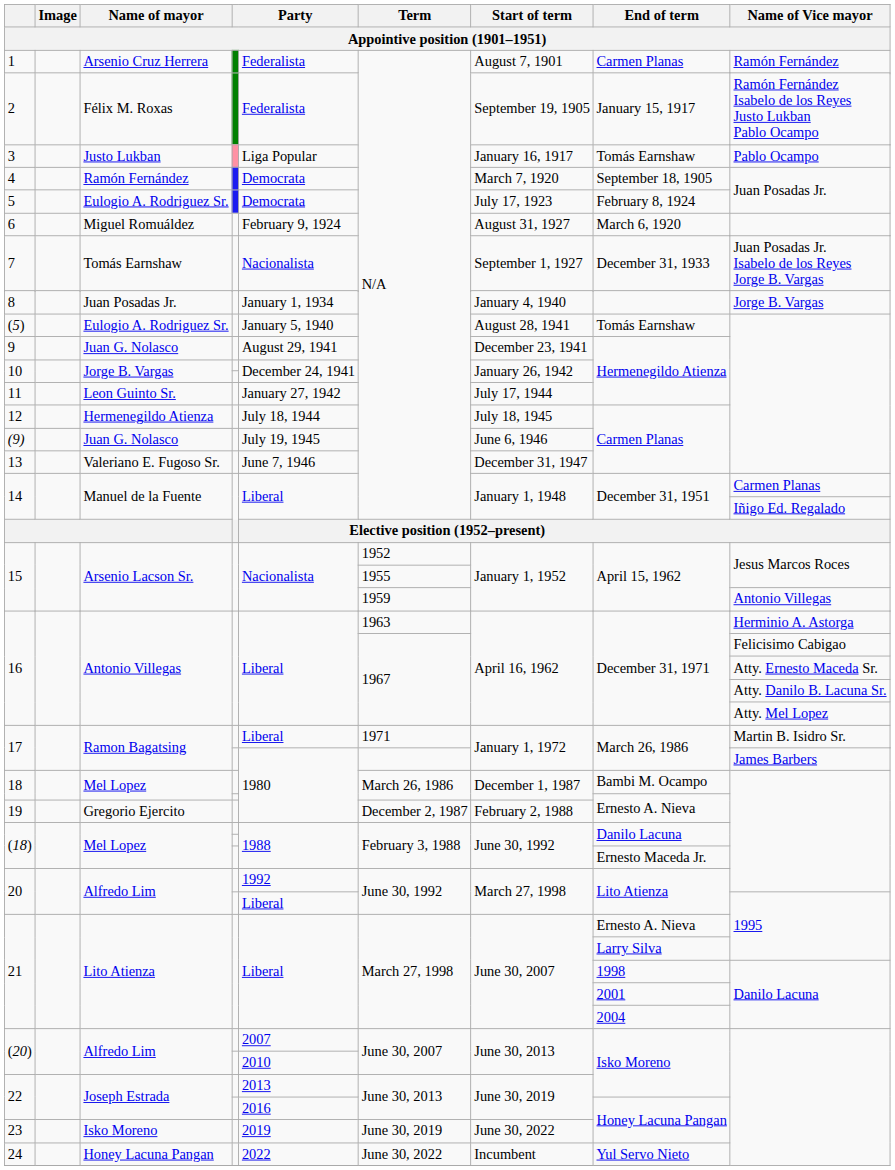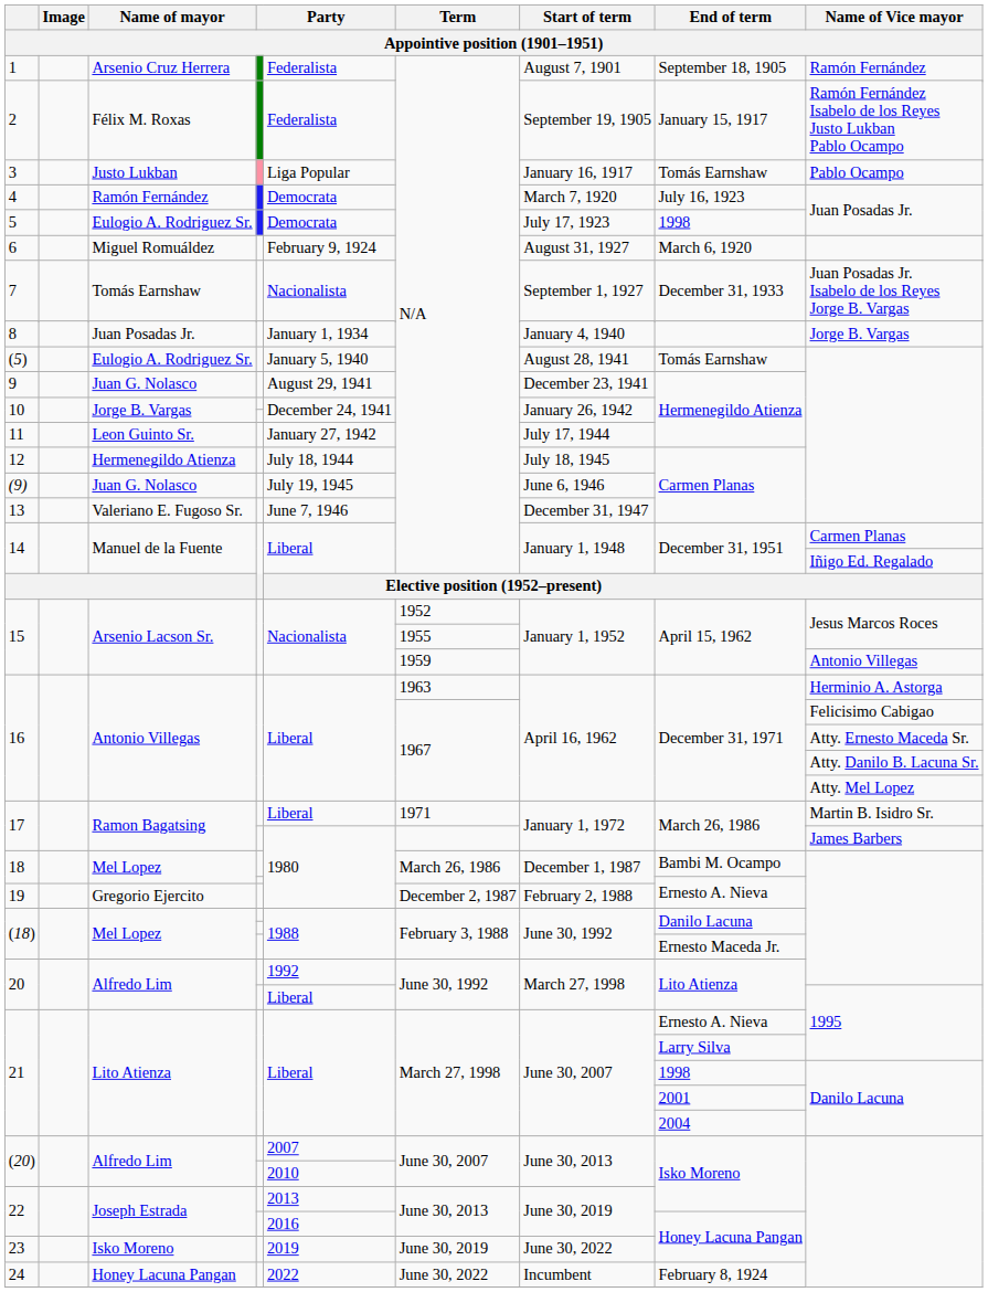 <table class="wikitable">
 <tr>
 <th></th>
 <th>Image</th>
 <th>Name of mayor</th>
 <th colspan="2">Party</th>
 <th>Term</th>
 <th>Start of term</th>
 <th>End of term</th>
 <th>Name of Vice mayor</th>
 </tr>
 <tr>
 <th colspan="9">Appointive position (1901–1951)</th>
 </tr>
 <tr>
 <td>1</td>
 <td></td>
 <td><a href='#'>Arsenio Cruz Herrera</a></td>
 <td style="background-color:Green;"></td>
 <td><a href='#'>Federalista</a></td>
 <td rowspan="22">N/A</td>
 <td>August 7, 1901</td>
-<td><a href='#'>Carmen Planas</a></td>
+<td>September 18, 1905</td>
 <td rowspan="2"><a href='#'>Ramón Fernández</a></td>
 </tr>
 <tr>
 <td rowspan="3">2</td>
 <td rowspan="3"></td>
 <td rowspan="3">Félix M. Roxas</td>
 <td rowspan="3"  style="background-color:Green;"></td>
 <td rowspan="3"><a href='#'>Federalista</a></td>
 <td rowspan="3">September 19, 1905</td>
 <td rowspan="3">January 15, 1917</td>
 </tr>
 <tr>
 <td><a href='#'>Ramón Fernández</a> <br> <a href='#'>Isabelo de los Reyes</a> <br> <a href='#'>Justo Lukban</a> <br> <a href='#'>Pablo Ocampo</a></td>
 </tr>
 <tr>
 <td rowspan="2"><a href='#'>Pablo Ocampo</a></td>
 </tr>
 <tr>
 <td>3</td>
 <td></td>
 <td><a href='#'>Justo Lukban</a></td>
 <td style="background-color:#FF91A4;"></td>
 <td>Liga Popular</td>
 <td>January 16, 1917</td>
 <td>Tomás Earnshaw</td>
 </tr>
 <tr>
 <td>4</td>
 <td></td>
 <td><a href='#'>Ramón Fernández</a></td>
 <td style="background-color:#1C1CF0;"></td>
 <td><a href='#'>Democrata</a></td>
 <td>March 7, 1920</td>
-<td>September 18, 1905</td>
+<td>July 16, 1923</td>
 <td rowspan="2">Juan Posadas Jr.</td>
 </tr>
 <tr>
 <td>5</td>
 <td></td>
 <td><a href='#'>Eulogio A. Rodriguez Sr.</a></td>
 <td style="background-color:#1C1CF0;"></td>
 <td><a href='#'>Democrata</a></td>
 <td>July 17, 1923</td>
-<td>February 8, 1924</td>
+<td><a href='#'>1998</a></td>
 </tr>
 <tr>
 <td>6</td>
 <td></td>
 <td>Miguel Romuáldez</td>
 <td></td>
 <td>February 9, 1924</td>
 <td>August 31, 1927</td>
 <td>March 6, 1920</td>
 </tr>
 <tr>
 <td rowspan="3">7</td>
 <td rowspan="3"></td>
 <td rowspan="3">Tomás Earnshaw</td>
 <td rowspan="3" style="background:"></td>
 <td rowspan="3"><a href='#'>Nacionalista</a></td>
 <td rowspan="3">September 1, 1927</td>
 <td rowspan="3">December 31, 1933</td>
 </tr>
 <tr>
 <td>Juan Posadas Jr. <br> <a href='#'>Isabelo de los Reyes</a> <br> <a href='#'>Jorge B. Vargas</a></td>
 </tr>
 <tr>
 <td rowspan="2"><a href='#'>Jorge B. Vargas</a></td>
 </tr>
 <tr>
 <td>8</td>
 <td></td>
 <td>Juan Posadas Jr.</td>
 <td></td>
 <td>January 1, 1934</td>
 <td>January 4, 1940</td>
 </tr>
 <tr>
 <td>(<em>5</em>)</td>
 <td></td>
 <td><a href='#'>Eulogio A. Rodriguez Sr.</a></td>
 <td></td>
 <td>January 5, 1940</td>
 <td>August 28, 1941</td>
 <td>Tomás Earnshaw</td>
 </tr>
 <tr>
 <td>9</td>
 <td></td>
 <td><a href='#'>Juan G. Nolasco</a></td>
 <td></td>
 <td>August 29, 1941</td>
 <td>December 23, 1941</td>
 <td rowspan="4"><a href='#'>Hermenegildo Atienza</a></td>
 </tr>
 <tr>
 <td rowspan="2">10</td>
 <td rowspan="2"></td>
 <td rowspan="2"><a href='#'>Jorge B. Vargas</a></td>
 <td></td>
 <td rowspan="2">December 24, 1941</td>
 <td rowspan="2">January 26, 1942</td>
 </tr>
 <tr>
 <td></td>
 </tr>
 <tr>
 <td>11</td>
 <td></td>
 <td><a href='#'>Leon Guinto Sr.</a></td>
 <td></td>
 <td>January 27, 1942</td>
 <td>July 17, 1944</td>
 </tr>
 <tr>
 <td>12</td>
 <td></td>
 <td><a href='#'>Hermenegildo Atienza</a></td>
 <td></td>
 <td>July 18, 1944</td>
 <td>July 18, 1945</td>
 <td rowspan="3"><a href='#'>Carmen Planas</a></td>
 </tr>
 <tr>
 <td><em>(9)</em></td>
 <td></td>
 <td><a href='#'>Juan G. Nolasco</a></td>
 <td></td>
 <td>July 19, 1945</td>
 <td>June 6, 1946</td>
 </tr>
 <tr>
 <td>13</td>
 <td></td>
 <td>Valeriano E. Fugoso Sr.</td>
 <td></td>
 <td>June 7, 1946</td>
 <td>December 31, 1947</td>
 </tr>
 <tr>
 <td rowspan="2">14</td>
 <td rowspan="2"></td>
 <td rowspan="2">Manuel de la Fuente</td>
 <td rowspan="3"></td>
 <td rowspan="2"><a href='#'>Liberal</a></td>
 <td rowspan="2">January 1, 1948</td>
 <td rowspan="2">December 31, 1951</td>
 <td><a href='#'>Carmen Planas</a></td>
 </tr>
 <tr>
 <td rowspan="1"><a href='#'>Iñigo Ed. Regalado</a></td>
 </tr>
 <tr>
 <th colspan="10">Elective position (1952–present)</th>
 </tr>
 <tr>
 <td rowspan="3">15</td>
 <td rowspan="3"></td>
 <td rowspan="3"><a href='#'>Arsenio Lacson Sr.</a></td>
 <td rowspan="3"></td>
 <td rowspan="3"><a href='#'>Nacionalista</a></td>
 <td>1952</td>
 <td rowspan="3">January 1, 1952</td>
 <td rowspan="3">April 15, 1962</td>
 <td rowspan="2">Jesus Marcos Roces</td>
 </tr>
 <tr>
 <td>1955</td>
 </tr>
 <tr>
 <td rowspan="2">1959</td>
 <td><a href='#'>Antonio Villegas</a></td>
 </tr>
 <tr>
 <td rowspan="6">16</td>
 <td rowspan="6"></td>
 <td rowspan="6"><a href='#'>Antonio Villegas</a></td>
 <td rowspan="6"></td>
 <td rowspan="6"><a href='#'>Liberal</a></td>
 <td rowspan="6">April 16, 1962</td>
 <td rowspan="6">December 31, 1971</td>
 <td rowspan="2"><a href='#'>Herminio A. Astorga</a></td>
 </tr>
 <tr>
 <td>1963</td>
 </tr>
 <tr>
 <td rowspan="4">1967</td>
 <td>Felicisimo Cabigao</td>
 </tr>
 <tr>
 <td>Atty. <a href='#'>Ernesto Maceda</a> Sr.</td>
 </tr>
 <tr>
 <td>Atty. <a href='#'>Danilo B. Lacuna Sr.</a></td>
 </tr>
 <tr>
 <td>Atty. <a href='#'>Mel Lopez</a></td>
 </tr>
 <tr>
 <td rowspan="3">17</td>
 <td rowspan="3"></td>
 <td rowspan="3"><a href='#'>Ramon Bagatsing</a></td>
 <td rowspan="2"></td>
 <td rowspan="2"><a href='#'>Liberal</a></td>
 <td rowspan="2">1971</td>
 <td rowspan="3">January 1, 1972</td>
 <td rowspan="3">March 26, 1986</td>
 <td>Martin B. Isidro Sr.</td>
 </tr>
 <tr>
 <td rowspan="2"><a href='#'>James Barbers</a></td>
 </tr>
 <tr>
 <td></td>
 <td rowspan="4">1980</td>
 </tr>
 <tr>
 <td rowspan="2">18</td>
 <td rowspan="2"></td>
 <td rowspan="2"><a href='#'>Mel Lopez</a></td>
 <td></td>
 <td rowspan="2">March 26, 1986</td>
 <td rowspan="2">December 1, 1987</td>
 <td>Bambi M. Ocampo</td>
 </tr>
 <tr>
 <td></td>
 <td rowspan="2">Ernesto A. Nieva</td>
 </tr>
 <tr>
 <td>19</td>
 <td></td>
 <td>Gregorio Ejercito</td>
 <td></td>
 <td>December 2, 1987</td>
 <td>February 2, 1988</td>
 </tr>
 <tr>
 <td rowspan="3">(<em>18</em>)</td>
 <td rowspan="3"></td>
 <td rowspan="3"><a href='#'>Mel Lopez</a></td>
 <td></td>
 <td rowspan="3"><a href='#'>1988</a></td>
 <td rowspan="3">February 3, 1988</td>
 <td rowspan="3">June 30, 1992</td>
 <td rowspan="2"><a href='#'>Danilo Lacuna</a></td>
 </tr>
 <tr>
 <td></td>
 </tr>
 <tr>
 <td></td>
 <td>Ernesto Maceda Jr.</td>
 </tr>
 <tr>
 <td rowspan="2">20</td>
 <td rowspan="2"></td>
 <td rowspan="2"><a href='#'>Alfredo Lim</a></td>
 <td></td>
 <td><a href='#'>1992</a></td>
 <td rowspan="2">June 30, 1992</td>
 <td rowspan="2">March 27, 1998</td>
 <td rowspan="2"><a href='#'>Lito Atienza</a></td>
 </tr>
 <tr>
 <td></td>
 <td><a href='#'>Liberal</a></td>
 <td rowspan="3"><a href='#'>1995</a></td>
 </tr>
 <tr>
 <td rowspan="5">21</td>
 <td rowspan="5"></td>
 <td rowspan="5"><a href='#'>Lito Atienza</a></td>
 <td rowspan="5"></td>
 <td rowspan="5"><a href='#'>Liberal</a></td>
 <td rowspan="5">March 27, 1998</td>
 <td rowspan="5">June 30, 2007</td>
 <td>Ernesto A. Nieva</td>
 </tr>
 <tr>
 <td><a href='#'>Larry Silva</a></td>
 </tr>
 <tr>
 <td><a href='#'>1998</a></td>
 <td rowspan="3"><a href='#'>Danilo Lacuna</a></td>
 </tr>
 <tr>
 <td><a href='#'>2001</a></td>
 </tr>
 <tr>
 <td><a href='#'>2004</a></td>
 </tr>
 <tr>
 <td rowspan="2">(<em>20</em>)</td>
 <td rowspan="2"></td>
 <td rowspan="2"><a href='#'>Alfredo Lim</a></td>
 <td></td>
 <td><a href='#'>2007</a></td>
 <td rowspan="2">June 30, 2007</td>
 <td rowspan="2">June 30, 2013</td>
 <td rowspan="3"><a href='#'>Isko Moreno</a></td>
 </tr>
 <tr>
 <td></td>
 <td><a href='#'>2010</a></td>
 </tr>
 <tr>
 <td rowspan="2">22</td>
 <td rowspan="2"></td>
 <td rowspan="2"><a href='#'>Joseph Estrada</a></td>
 <td></td>
 <td><a href='#'>2013</a></td>
 <td rowspan="2">June 30, 2013</td>
 <td rowspan="2">June 30, 2019</td>
 </tr>
 <tr>
 <td></td>
 <td><a href='#'>2016</a></td>
 <td rowspan="2"><a href='#'>Honey Lacuna Pangan</a></td>
 </tr>
 <tr>
 <td>23</td>
 <td></td>
 <td><a href='#'>Isko Moreno</a></td>
 <td></td>
 <td><a href='#'>2019</a></td>
 <td>June 30, 2019</td>
 <td>June 30, 2022</td>
 </tr>
 <tr>
 <td>24</td>
 <td></td>
 <td><a href='#'>Honey Lacuna Pangan</a></td>
 <td></td>
 <td><a href='#'>2022</a></td>
 <td>June 30, 2022</td>
 <td>Incumbent</td>
-<td><a href='#'>Yul Servo Nieto</a><br></td>
+<td>February 8, 1924</td>
 </tr>
 <tr>
 </tr>
 </table>
